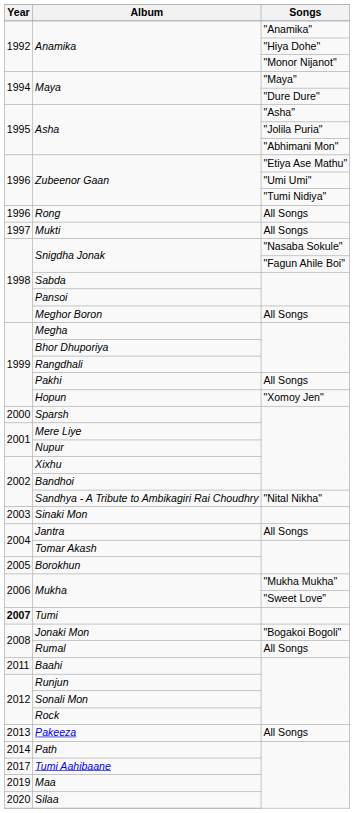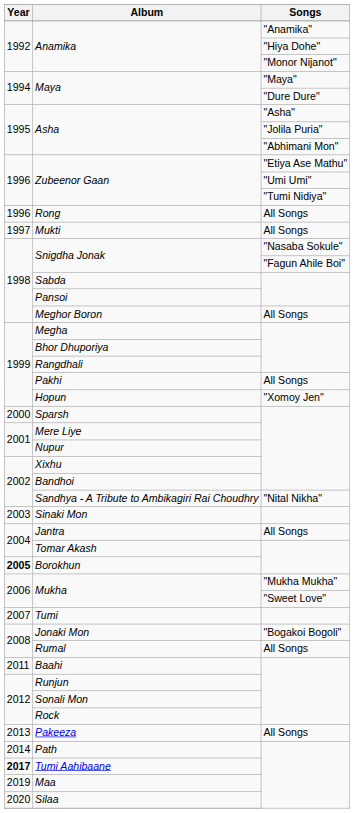 <table class="wikitable plainrowheaders">
 <tr>
 </tr>
 <tr style="background:#b0c4de; text-align:center;">
 <th style="width:33px;">Year</th>
 <th>Album</th>
 <th>Songs</th>
 </tr>
 <tr style="background:#b0c4de; text-align:center;">
 </tr>
 <tr>
 <td rowspan="3">1992</td>
 <td rowspan="3"><em>Anamika</em></td>
 <td>"Anamika"</td>
 </tr>
 <tr>
 <td>"Hiya Dohe"</td>
 </tr>
 <tr>
 <td>"Monor Nijanot"</td>
 </tr>
 <tr>
 <td rowspan="2">1994</td>
 <td rowspan="2"><em>Maya</em></td>
 <td>"Maya"</td>
 </tr>
 <tr>
 <td>"Dure Dure"</td>
 </tr>
 <tr>
 <td rowspan="3">1995</td>
 <td rowspan="3"><em>Asha</em></td>
 <td>"Asha"</td>
 </tr>
 <tr>
 <td>"Jolila Puria"</td>
 </tr>
 <tr>
 <td>"Abhimani Mon"</td>
 </tr>
 <tr>
 <td rowspan="3">1996</td>
 <td rowspan="3"><em>Zubeenor Gaan</em></td>
 <td>"Etiya Ase Mathu"</td>
 </tr>
 <tr>
 <td>"Umi Umi"</td>
 </tr>
 <tr>
 <td>"Tumi Nidiya"</td>
 </tr>
 <tr>
 <td>1996</td>
 <td><em>Rong</em></td>
 <td>All Songs</td>
 </tr>
 <tr>
 <td>1997</td>
 <td><em>Mukti</em></td>
 <td>All Songs</td>
 </tr>
 <tr>
 <td rowspan="5">1998</td>
 <td rowspan="2"><em>Snigdha Jonak</em></td>
 <td>"Nasaba Sokule"</td>
 </tr>
 <tr>
 <td>"Fagun Ahile Boi"</td>
 </tr>
 <tr>
 <td><em>Sabda</em></td>
 </tr>
 <tr>
 <td><em>Pansoi</em></td>
 </tr>
 <tr>
 <td><em>Meghor Boron</em></td>
 <td>All Songs</td>
 </tr>
 <tr>
 <td rowspan="5">1999</td>
 <td><em>Megha</em></td>
 </tr>
 <tr>
 <td><em>Bhor Dhuporiya</em></td>
 </tr>
 <tr>
 <td><em>Rangdhali</em></td>
 </tr>
 <tr>
 <td><em>Pakhi</em></td>
 <td>All Songs</td>
 </tr>
 <tr>
 <td><em>Hopun</em></td>
 <td>"Xomoy Jen"</td>
 </tr>
 <tr>
 <td>2000</td>
 <td><em>Sparsh</em></td>
 </tr>
 <tr>
 <td rowspan="2">2001</td>
 <td><em>Mere Liye</em></td>
 </tr>
 <tr>
 <td><em>Nupur</em></td>
 </tr>
 <tr>
 <td rowspan="3">2002</td>
 <td><em>Xixhu</em></td>
 </tr>
 <tr>
 <td><em>Bandhoi</em></td>
 </tr>
 <tr>
 <td><em>Sandhya - A Tribute to Ambikagiri Rai Choudhry</em></td>
 <td>"Nital Nikha"</td>
 </tr>
 <tr>
 <td>2003</td>
 <td><em>Sinaki Mon</em></td>
 </tr>
 <tr>
 <td rowspan="2">2004</td>
 <td><em>Jantra</em></td>
 <td>All Songs</td>
 </tr>
 <tr>
 <td><em>Tomar Akash</em></td>
 </tr>
 <tr>
-<td>2005</td>
+<td><strong>2005</strong></td>
 <td><em>Borokhun</em></td>
 </tr>
 <tr>
 <td rowspan="2">2006</td>
 <td rowspan="2"><em>Mukha</em></td>
 <td>"Mukha Mukha"</td>
 </tr>
 <tr>
 <td>"Sweet Love"</td>
 </tr>
 <tr>
-<td><strong>2007</strong></td>
+<td>2007</td>
 <td><em>Tumi</em></td>
 </tr>
 <tr>
 <td rowspan="2">2008</td>
 <td><em>Jonaki Mon</em></td>
 <td>"Bogakoi Bogoli"</td>
 </tr>
 <tr>
 <td><em>Rumal</em></td>
 <td>All Songs</td>
 </tr>
 <tr>
 <td>2011</td>
 <td><em>Baahi</em></td>
 </tr>
 <tr>
 <td rowspan="3">2012</td>
 <td><em>Runjun</em></td>
 </tr>
 <tr>
 <td><em>Sonali Mon</em></td>
 </tr>
 <tr>
 <td><em>Rock</em></td>
 </tr>
 <tr>
 <td>2013</td>
 <td><em><a href='#'>Pakeeza</a></em></td>
 <td>All Songs</td>
 </tr>
 <tr>
 <td>2014</td>
 <td><em>Path</em></td>
 </tr>
 <tr>
-<td>2017</td>
+<td><strong>2017</strong></td>
 <td><em><a href='#'>Tumi Aahibaane</a></em></td>
 </tr>
 <tr>
 <td>2019</td>
 <td><em>Maa</em></td>
 </tr>
 <tr>
 <td>2020</td>
 <td><em>Silaa</em></td>
 </tr>
 <tr>
 </tr>
 </table>
